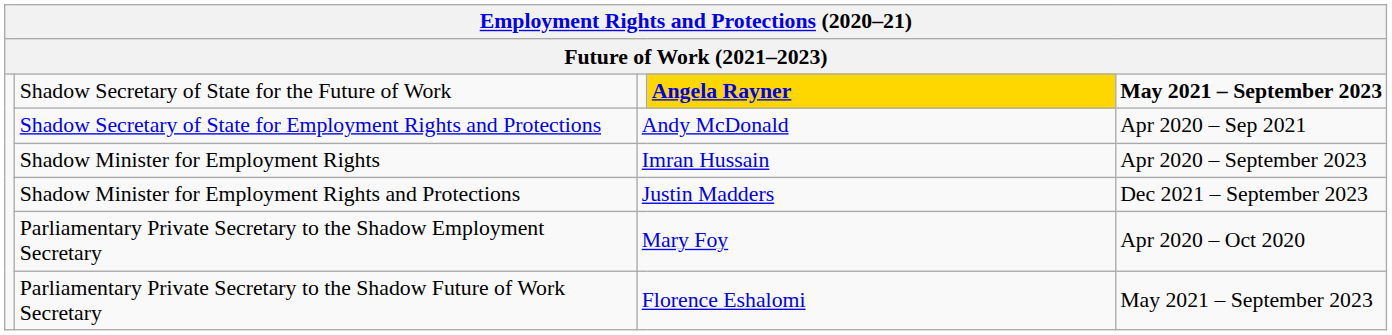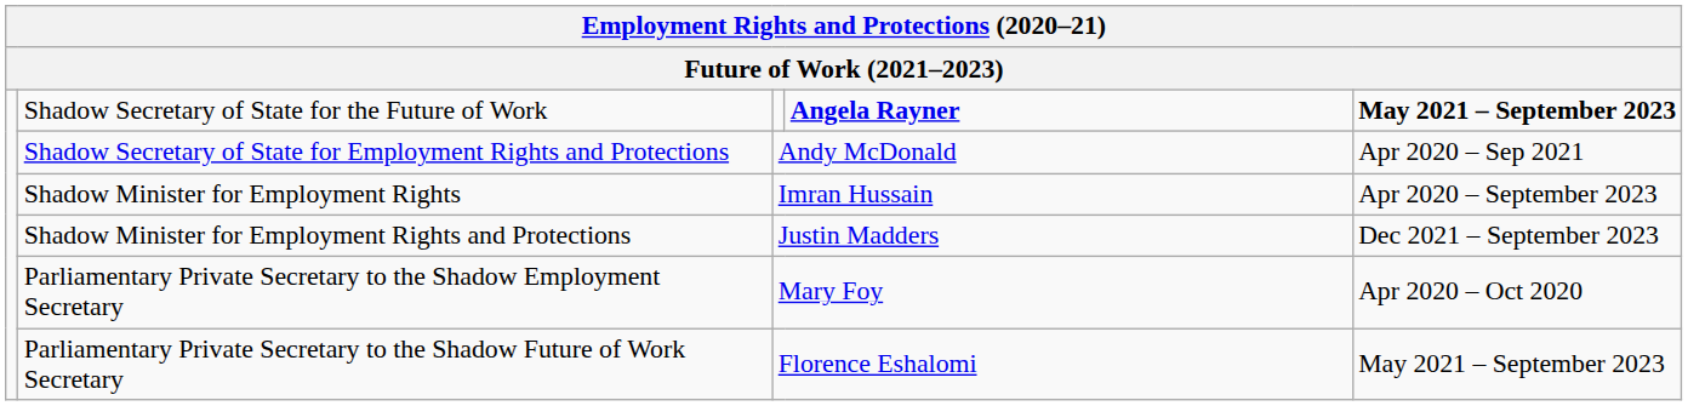 <table class="wikitable">
 <tr>
 <th colspan="5"><a href='#'>Employment Rights and Protections</a> (2020–21)</th>
 </tr>
 <tr>
 <th colspan="5">Future of Work <strong>(2021–2023)</strong></th>
 </tr>
 <tr>
 <td rowspan="6" style="background: "></td>
 <td style="width: 450px;">Shadow Secretary of State for the Future of Work</td>
 <td style="background: "></td>
-<td style="background: gold; width: 337px;"><strong><a href='#'>Angela Rayner</a></strong></td>
+<td style="width: 337px;"><strong><a href='#'>Angela Rayner</a></strong></td>
 <td><strong>May 2021 – September 2023</strong></td>
 </tr>
 <tr>
 <td><a href='#'>Shadow Secretary of State for Employment Rights and Protections</a></td>
 <td colspan="2"><a href='#'>Andy McDonald</a></td>
 <td>Apr 2020 – Sep 2021</td>
 </tr>
 <tr>
 <td>Shadow Minister for Employment Rights</td>
 <td colspan="2"><a href='#'>Imran Hussain</a></td>
 <td>Apr 2020 – September 2023</td>
 </tr>
 <tr>
 <td>Shadow Minister for Employment Rights and Protections</td>
 <td colspan="2"><a href='#'>Justin Madders</a></td>
 <td>Dec 2021 – September 2023</td>
 </tr>
 <tr>
 <td>Parliamentary Private Secretary to the Shadow Employment Secretary</td>
 <td colspan="2"><a href='#'>Mary Foy</a></td>
 <td>Apr 2020 – Oct 2020</td>
 </tr>
 <tr>
 <td>Parliamentary Private Secretary to the Shadow Future of Work Secretary</td>
 <td colspan="2"><a href='#'>Florence Eshalomi</a></td>
 <td>May 2021 – September 2023</td>
 </tr>
 </table>
